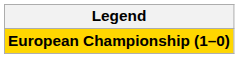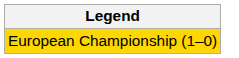 <table class="wikitable">
 <tr>
 <th>Legend</th>
 </tr>
 <tr style="background:gold">
-<td><strong>European Championship (1–0)</strong></td>
+<td>European Championship (1–0)</td>
 </tr>
 </table>
